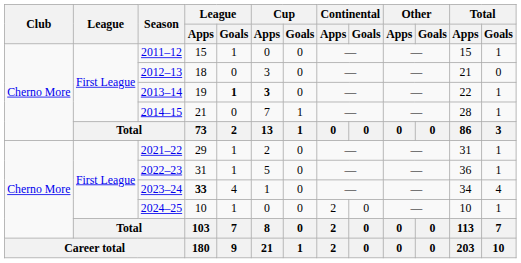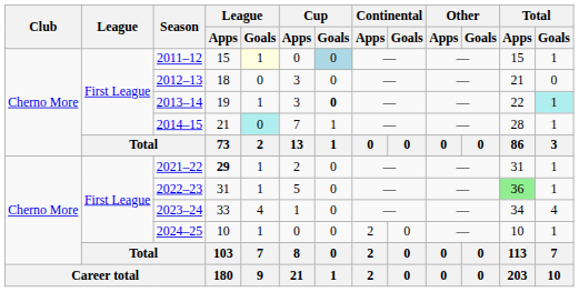 <table class="wikitable" style="font-size:90%; text-align: center">
 <tr>
 <th rowspan=2>Club</th>
 <th rowspan=2>League</th>
 <th rowspan=2>Season</th>
 <th colspan=2>League</th>
 <th colspan=2>Cup</th>
 <th colspan=2>Continental</th>
 <th colspan=2>Other</th>
 <th colspan=2>Total</th>
 </tr>
 <tr>
 <th>Apps</th>
 <th>Goals</th>
 <th>Apps</th>
 <th>Goals</th>
 <th>Apps</th>
 <th>Goals</th>
 <th>Apps</th>
 <th>Goals</th>
 <th>Apps</th>
 <th>Goals</th>
 </tr>
 <tr>
 <td rowspan=5 valign="center"><a href='#'>Cherno More</a></td>
 <td rowspan="4"><a href='#'>First League</a></td>
 <td><a href='#'>2011–12</a></td>
 <td>15</td>
-<td>1</td>
+<td style="background: lightyellow;">1</td>
 <td>0</td>
-<td>0</td>
+<td style="background: lightblue;">0</td>
 <td colspan="2">—</td>
 <td colspan="2">—</td>
 <td>15</td>
 <td>1</td>
 </tr>
 <tr>
 <td><a href='#'>2012–13</a></td>
 <td>18</td>
 <td>0</td>
 <td>3</td>
 <td>0</td>
 <td colspan="2">—</td>
 <td colspan="2">—</td>
 <td>21</td>
 <td>0</td>
 </tr>
 <tr>
 <td><a href='#'>2013–14</a></td>
 <td>19</td>
-<td><strong>1</strong></td>
-<td><strong>3</strong></td>
-<td>0</td>
+<td>1</td>
+<td>3</td>
+<td><strong>0</strong></td>
 <td colspan="2">—</td>
 <td colspan="2">—</td>
 <td>22</td>
-<td>1</td>
+<td style="background: paleturquoise;">1</td>
 </tr>
 <tr>
 <td><a href='#'>2014–15</a></td>
 <td>21</td>
-<td>0</td>
+<td style="background: paleturquoise;">0</td>
 <td>7</td>
 <td>1</td>
 <td colspan="2">—</td>
 <td colspan="2">—</td>
 <td>28</td>
 <td>1</td>
 </tr>
 <tr>
 <th colspan=2>Total</th>
 <th>73</th>
 <th>2</th>
 <th>13</th>
 <th>1</th>
 <th>0</th>
 <th>0</th>
 <th>0</th>
 <th>0</th>
 <th>86</th>
 <th>3</th>
 </tr>
 <tr>
 <td rowspan=5 valign="center"><a href='#'>Cherno More</a></td>
 <td rowspan="4"><a href='#'>First League</a></td>
 <td><a href='#'>2021–22</a></td>
-<td>29</td>
+<td><strong>29</strong></td>
 <td>1</td>
 <td>2</td>
 <td>0</td>
 <td colspan="2">—</td>
 <td colspan="2">—</td>
 <td>31</td>
 <td>1</td>
 </tr>
 <tr>
 <td><a href='#'>2022–23</a></td>
 <td>31</td>
 <td>1</td>
 <td>5</td>
 <td>0</td>
 <td colspan="2">—</td>
 <td colspan="2">—</td>
-<td>36</td>
+<td style="background: lightgreen;">36</td>
 <td>1</td>
 </tr>
 <tr>
 <td><a href='#'>2023–24</a></td>
-<td><strong>33</strong></td>
+<td>33</td>
 <td>4</td>
 <td>1</td>
 <td>0</td>
 <td colspan="2">—</td>
 <td colspan="2">—</td>
 <td>34</td>
 <td>4</td>
 </tr>
 <tr>
 <td><a href='#'>2024–25</a></td>
 <td>10</td>
 <td>1</td>
 <td>0</td>
 <td>0</td>
 <td>2</td>
 <td>0</td>
 <td colspan="2">—</td>
 <td>10</td>
 <td>1</td>
 </tr>
 <tr>
 <th colspan=2>Total</th>
 <th>103</th>
 <th>7</th>
 <th>8</th>
 <th>0</th>
 <th>2</th>
 <th>0</th>
 <th>0</th>
 <th>0</th>
 <th>113</th>
 <th>7</th>
 </tr>
 <tr>
 <th colspan=3>Career total</th>
 <th>180</th>
 <th>9</th>
 <th>21</th>
 <th>1</th>
 <th>2</th>
 <th>0</th>
 <th>0</th>
 <th>0</th>
 <th>203</th>
 <th>10</th>
 </tr>
 </table>
